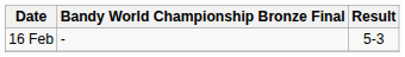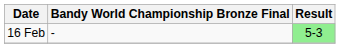 <table class="wikitable" style="text-align:center;">
 <tr>
 <th>Date</th>
 <th>Bandy World Championship Bronze Final</th>
 <th>Result</th>
 </tr>
 <tr>
 <td>16 Feb</td>
 <td align="left"><strong></strong> - </td>
-<td>5-3</td>
+<td style="background: lightgreen;">5-3</td>
 </tr>
 <tr>
 </tr>
 </table>
